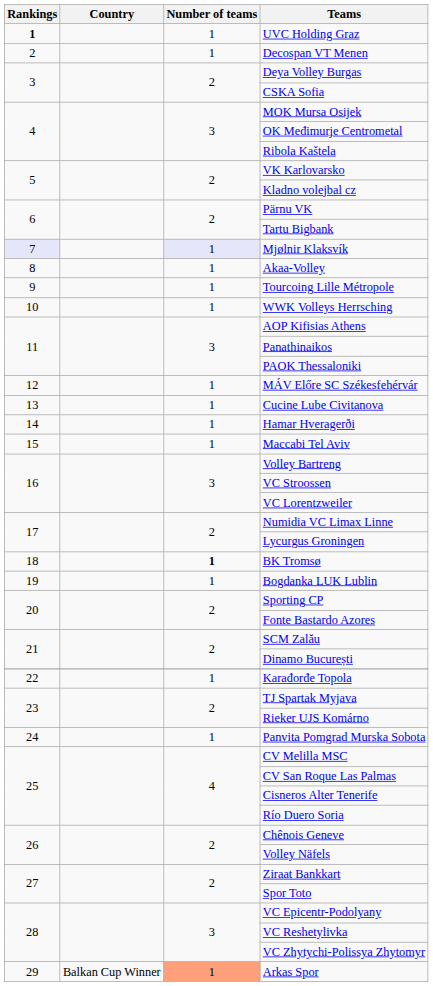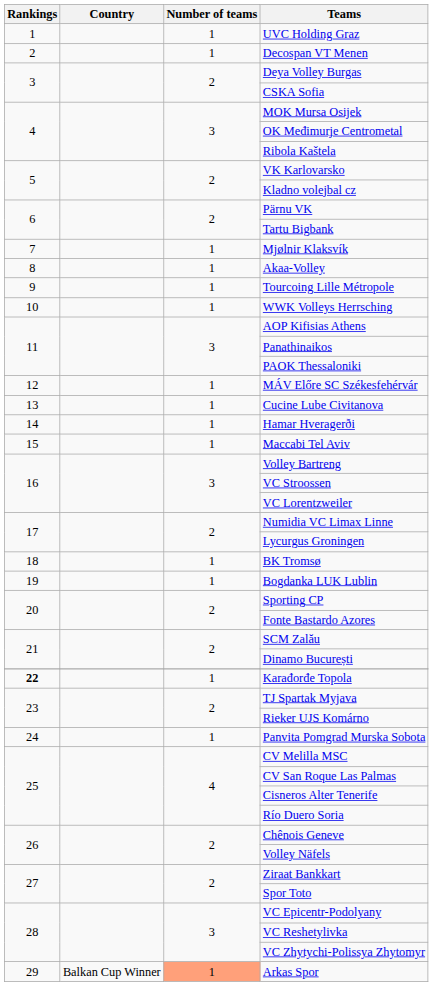 <table class="wikitable" style="text-align:left">
 <tr>
 <th>Rankings</th>
 <th>Country</th>
 <th>Number of teams</th>
 <th>Teams</th>
 </tr>
 <tr>
-<td align="center"><strong>1</strong></td>
+<td align="center">1</td>
 <td></td>
 <td align="center">1</td>
 <td><a href='#'>UVC Holding Graz</a></td>
 </tr>
 <tr>
 <td align="center">2</td>
 <td></td>
 <td align="center">1</td>
 <td><a href='#'>Decospan VT Menen</a></td>
 </tr>
 <tr>
 <td align="center" rowspan="2">3</td>
 <td rowspan="2"></td>
 <td align="center" rowspan="2">2</td>
 <td><a href='#'>Deya Volley Burgas</a></td>
 </tr>
 <tr>
 <td><a href='#'>CSKA Sofia</a></td>
 </tr>
 <tr>
 <td align="center" rowspan="3">4</td>
 <td rowspan="3"></td>
 <td align="center" rowspan="3">3</td>
 <td><a href='#'>MOK Mursa Osijek</a></td>
 </tr>
 <tr>
 <td><a href='#'>OK Međimurje Centrometal</a></td>
 </tr>
 <tr>
 <td><a href='#'>Ribola Kaštela</a></td>
 </tr>
 <tr>
 <td align="center" rowspan="2">5</td>
 <td rowspan="2"></td>
 <td align="center" rowspan="2">2</td>
 <td><a href='#'>VK Karlovarsko</a></td>
 </tr>
 <tr>
 <td><a href='#'>Kladno volejbal cz</a></td>
 </tr>
 <tr>
 <td align="center" rowspan="2">6</td>
 <td rowspan="2"></td>
 <td align="center" rowspan="2">2</td>
 <td><a href='#'>Pärnu VK</a></td>
 </tr>
 <tr>
 <td><a href='#'>Tartu Bigbank</a></td>
 </tr>
 <tr>
-<td align="center" style="background: lavender;">7</td>
+<td align="center">7</td>
 <td></td>
-<td align="center" style="background: lavender;">1</td>
+<td align="center">1</td>
 <td><a href='#'>Mjølnir Klaksvík</a></td>
 </tr>
 <tr>
 <td align="center">8</td>
 <td></td>
 <td align="center">1</td>
 <td><a href='#'>Akaa-Volley</a></td>
 </tr>
 <tr>
 <td align="center">9</td>
 <td></td>
 <td align="center">1</td>
 <td><a href='#'>Tourcoing Lille Métropole</a></td>
 </tr>
 <tr>
 <td align="center">10</td>
 <td></td>
 <td align="center">1</td>
 <td><a href='#'>WWK Volleys Herrsching</a></td>
 </tr>
 <tr>
 <td align="center" rowspan="3">11</td>
 <td rowspan="3"></td>
 <td align="center" rowspan="3">3</td>
 <td><a href='#'>AOP Kifisias Athens</a></td>
 </tr>
 <tr>
 <td><a href='#'>Panathinaikos</a></td>
 </tr>
 <tr>
 <td><a href='#'>PAOK Thessaloniki</a></td>
 </tr>
 <tr>
 <td align="center">12</td>
 <td></td>
 <td align="center">1</td>
 <td><a href='#'>MÁV Előre SC Székesfehérvár</a></td>
 </tr>
 <tr>
 <td align="center">13</td>
 <td></td>
 <td align="center">1</td>
 <td><a href='#'>Cucine Lube Civitanova</a></td>
 </tr>
 <tr>
 <td align="center">14</td>
 <td></td>
 <td align="center">1</td>
 <td><a href='#'>Hamar Hveragerði</a></td>
 </tr>
 <tr>
 <td align="center">15</td>
 <td></td>
 <td align="center">1</td>
 <td><a href='#'>Maccabi Tel Aviv</a></td>
 </tr>
 <tr>
 <td align="center" rowspan="3">16</td>
 <td rowspan="3"></td>
 <td align="center" rowspan="3">3</td>
 <td><a href='#'>Volley Bartreng</a></td>
 </tr>
 <tr>
 <td><a href='#'>VC Stroossen</a></td>
 </tr>
 <tr>
 <td><a href='#'>VC Lorentzweiler</a></td>
 </tr>
 <tr>
 <td align="center" rowspan="2">17</td>
 <td rowspan="2"></td>
 <td align="center" rowspan="2">2</td>
 <td><a href='#'>Numidia VC Limax Linne</a></td>
 </tr>
 <tr>
 <td><a href='#'>Lycurgus Groningen</a></td>
 </tr>
 <tr>
 <td align="center">18</td>
 <td></td>
-<td align="center"><strong>1</strong></td>
+<td align="center">1</td>
 <td><a href='#'>BK Tromsø</a></td>
 </tr>
 <tr>
 <td align="center">19</td>
 <td></td>
 <td align="center">1</td>
 <td><a href='#'>Bogdanka LUK Lublin</a></td>
 </tr>
 <tr>
 <td align="center" rowspan="2">20</td>
 <td rowspan="2"></td>
 <td align="center" rowspan="2">2</td>
 <td><a href='#'>Sporting CP</a></td>
 </tr>
 <tr>
 <td><a href='#'>Fonte Bastardo Azores</a></td>
 </tr>
 <tr>
 <td align="center" rowspan="2">21</td>
 <td rowspan="2"></td>
 <td align="center" rowspan="2">2</td>
 <td><a href='#'>SCM Zalău</a></td>
 </tr>
 <tr>
 <td><a href='#'>Dinamo București</a></td>
 </tr>
 <tr>
 </tr>
 <tr>
-<td align="center">22</td>
+<td align="center"><strong>22</strong></td>
 <td></td>
 <td align="center">1</td>
 <td><a href='#'>Karađorđe Topola</a></td>
 </tr>
 <tr>
 <td align="center" rowspan="2">23</td>
 <td rowspan="2"></td>
 <td align="center" rowspan="2">2</td>
 <td><a href='#'>TJ Spartak Myjava</a></td>
 </tr>
 <tr>
 <td><a href='#'>Rieker UJS Komárno</a></td>
 </tr>
 <tr>
 <td align="center">24</td>
 <td></td>
 <td align="center">1</td>
 <td><a href='#'>Panvita Pomgrad Murska Sobota</a></td>
 </tr>
 <tr>
 <td align="center" rowspan="4">25</td>
 <td rowspan="4"></td>
 <td align="center" rowspan="4">4</td>
 <td><a href='#'>CV Melilla MSC</a></td>
 </tr>
 <tr>
 <td><a href='#'>CV San Roque Las Palmas</a></td>
 </tr>
 <tr>
 <td><a href='#'>Cisneros Alter Tenerife</a></td>
 </tr>
 <tr>
 <td><a href='#'>Río Duero Soria</a></td>
 </tr>
 <tr>
 <td align="center" rowspan="2">26</td>
 <td rowspan="2"></td>
 <td align="center" rowspan="2">2</td>
 <td><a href='#'>Chênois Geneve</a></td>
 </tr>
 <tr>
 <td><a href='#'>Volley Näfels</a></td>
 </tr>
 <tr>
 <td align="center" rowspan="2">27</td>
 <td rowspan="2"></td>
 <td align="center" rowspan="2">2</td>
 <td><a href='#'>Ziraat Bankkart</a></td>
 </tr>
 <tr>
 <td><a href='#'>Spor Toto</a></td>
 </tr>
 <tr>
 <td align="center" rowspan="3">28</td>
 <td rowspan="3"></td>
 <td align="center" rowspan="3">3</td>
 <td><a href='#'>VC Epicentr-Podolyany</a></td>
 </tr>
 <tr>
 <td><a href='#'>VC Reshetylivka</a></td>
 </tr>
 <tr>
 <td><a href='#'>VC Zhytychi-Polissya Zhytomyr</a></td>
 </tr>
 <tr>
 <td align="center">29</td>
 <td>Balkan Cup Winner</td>
 <td align="center" style="background: lightsalmon;">1</td>
 <td> <a href='#'>Arkas Spor</a></td>
 </tr>
 </table>
